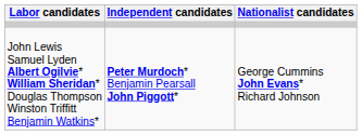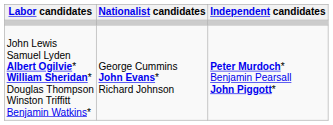 <table class="wikitable">
 <tr>
 <th><a href='#'>Labor</a> candidates</th>
+<th><a href='#'>Nationalist</a> candidates</th>
 <th><a href='#'>Independent</a> candidates</th>
-<th><a href='#'>Nationalist</a> candidates</th>
 </tr>
 <tr bgcolor="#cccccc">
 <td></td>
 <td></td>
 <td></td>
 </tr>
 <tr>
 <td><br>John Lewis<br> Samuel Lyden<br> <strong><a href='#'>Albert Ogilvie</a></strong>*<br> <strong><a href='#'>William Sheridan</a></strong>*<br> Douglas Thompson<br> Winston Triffitt<br> <a href='#'>Benjamin Watkins</a>*</td>
+<td><br>George Cummins<br> <strong><a href='#'>John Evans</a></strong>*<br> Richard Johnson</td>
 <td><br><strong><a href='#'>Peter Murdoch</a></strong>*<br> <a href='#'>Benjamin Pearsall</a><br> <strong><a href='#'>John Piggott</a></strong>*</td>
-<td><br>George Cummins<br> <strong><a href='#'>John Evans</a></strong>*<br> Richard Johnson</td>
 </tr>
 </table>
